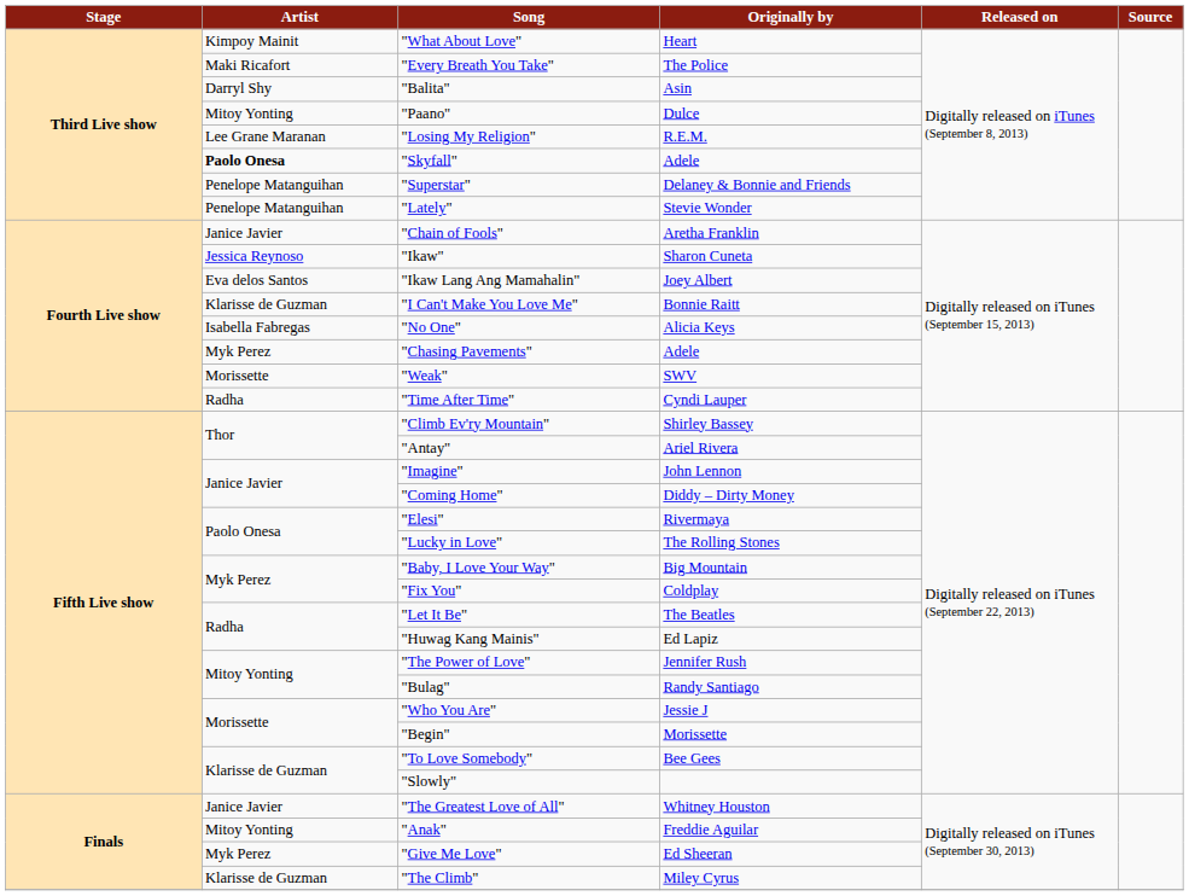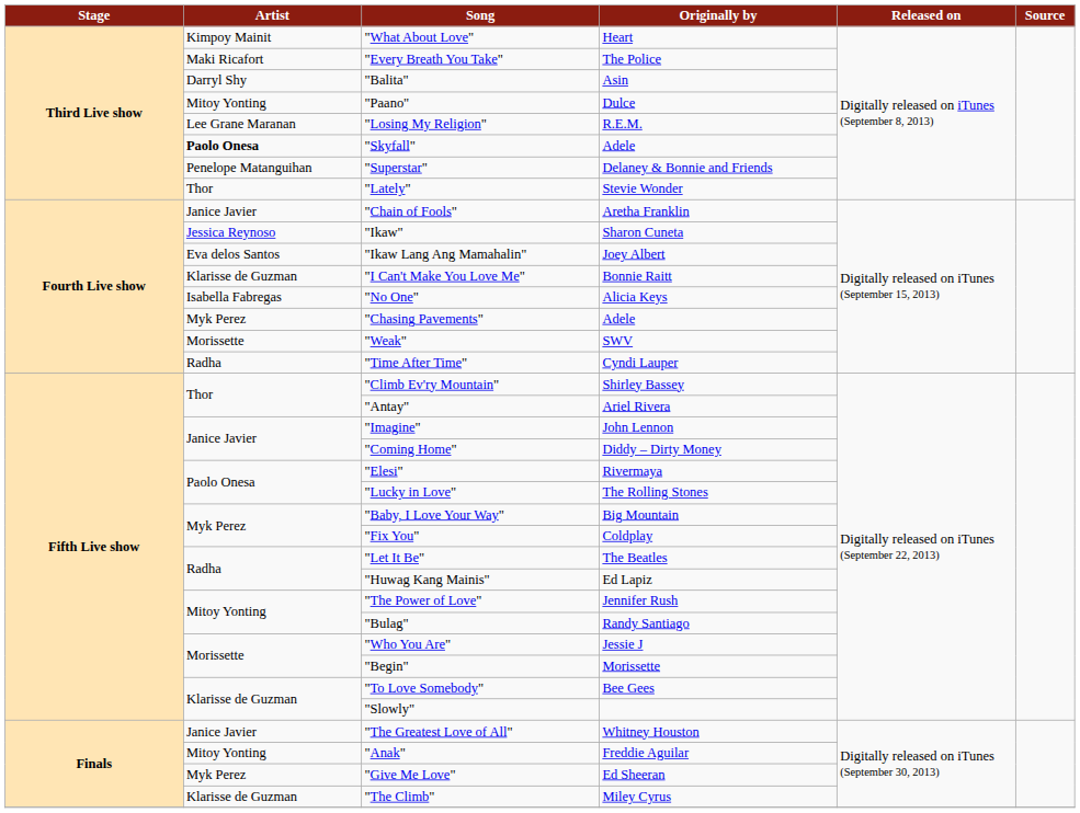 <table class="wikitable">
 <tr>
 <th style="background:#8b1c10; color:white;" width="15%">Stage</th>
 <th style="background:#8b1c10; color:white;" width="15%">Artist</th>
 <th style="background:#8b1c10; color:white;" width="20%">Song</th>
 <th style="background:#8b1c10; color:white;" width="20%">Originally by</th>
 <th style="background:#8b1c10; color:white;" width="15%">Released on</th>
 <th style="background:#8b1c10; color:white;" width="05%">Source</th>
 </tr>
 <tr>
 <th style="background:#FFE5B4;" rowspan="8">Third Live show</th>
 <td>Kimpoy Mainit</td>
 <td>"<a href='#'>What About Love</a>"</td>
 <td><a href='#'>Heart</a></td>
 <td rowspan="8">Digitally released on <a href='#'>iTunes</a><br><small>(September 8, 2013)</small></td>
 <td rowspan="8"></td>
 </tr>
 <tr>
 <td>Maki Ricafort</td>
 <td>"<a href='#'>Every Breath You Take</a>"</td>
 <td><a href='#'>The Police</a></td>
 </tr>
 <tr>
 <td>Darryl Shy</td>
 <td>"Balita"</td>
 <td><a href='#'>Asin</a></td>
 </tr>
 <tr>
 <td>Mitoy Yonting</td>
 <td>"Paano"</td>
 <td><a href='#'>Dulce</a></td>
 </tr>
 <tr>
 <td>Lee Grane Maranan</td>
 <td>"<a href='#'>Losing My Religion</a>"</td>
 <td><a href='#'>R.E.M.</a></td>
 </tr>
 <tr>
 <td><strong>Paolo Onesa</strong></td>
 <td>"<a href='#'>Skyfall</a>"</td>
 <td><a href='#'>Adele</a></td>
 </tr>
 <tr>
 <td>Penelope Matanguihan</td>
 <td>"<a href='#'>Superstar</a>"</td>
 <td><a href='#'>Delaney & Bonnie and Friends</a></td>
 </tr>
 <tr>
-<td>Penelope Matanguihan</td>
+<td>Thor</td>
 <td>"<a href='#'>Lately</a>"</td>
 <td><a href='#'>Stevie Wonder</a></td>
 </tr>
 <tr>
 <th style="background:#FFE5B4;" rowspan="8">Fourth Live show</th>
 <td>Janice Javier</td>
 <td>"<a href='#'>Chain of Fools</a>"</td>
 <td><a href='#'>Aretha Franklin</a></td>
 <td rowspan="8">Digitally released on iTunes<br><small>(September 15, 2013)</small></td>
 <td rowspan="8"></td>
 </tr>
 <tr>
 <td><a href='#'>Jessica Reynoso</a></td>
 <td>"Ikaw"</td>
 <td><a href='#'>Sharon Cuneta</a></td>
 </tr>
 <tr>
 <td>Eva delos Santos</td>
 <td>"Ikaw Lang Ang Mamahalin"</td>
 <td><a href='#'>Joey Albert</a></td>
 </tr>
 <tr>
 <td>Klarisse de Guzman</td>
 <td>"<a href='#'>I Can't Make You Love Me</a>"</td>
 <td><a href='#'>Bonnie Raitt</a></td>
 </tr>
 <tr>
 <td>Isabella Fabregas</td>
 <td>"<a href='#'>No One</a>"</td>
 <td><a href='#'>Alicia Keys</a></td>
 </tr>
 <tr>
 <td>Myk Perez</td>
 <td>"<a href='#'>Chasing Pavements</a>"</td>
 <td><a href='#'>Adele</a></td>
 </tr>
 <tr>
 <td>Morissette</td>
 <td>"<a href='#'>Weak</a>"</td>
 <td><a href='#'>SWV</a></td>
 </tr>
 <tr>
 <td>Radha</td>
 <td>"<a href='#'>Time After Time</a>"</td>
 <td><a href='#'>Cyndi Lauper</a></td>
 </tr>
 <tr>
 <th style="background:#FFE5B4;" rowspan="16">Fifth Live show</th>
 <td rowspan="2">Thor</td>
 <td>"<a href='#'>Climb Ev'ry Mountain</a>"</td>
 <td><a href='#'>Shirley Bassey</a></td>
 <td rowspan="16">Digitally released on iTunes<br><small>(September 22, 2013)</small></td>
 <td rowspan="16"></td>
 </tr>
 <tr>
 <td>"Antay"</td>
 <td><a href='#'>Ariel Rivera</a></td>
 </tr>
 <tr>
 <td rowspan="2">Janice Javier</td>
 <td>"<a href='#'>Imagine</a>"</td>
 <td><a href='#'>John Lennon</a></td>
 </tr>
 <tr>
 <td>"<a href='#'>Coming Home</a>"</td>
 <td><a href='#'>Diddy – Dirty Money</a></td>
 </tr>
 <tr>
 <td rowspan="2">Paolo Onesa</td>
 <td>"<a href='#'>Elesi</a>"</td>
 <td><a href='#'>Rivermaya</a></td>
 </tr>
 <tr>
 <td>"<a href='#'>Lucky in Love</a>"</td>
 <td><a href='#'>The Rolling Stones</a></td>
 </tr>
 <tr>
 <td rowspan="2">Myk Perez</td>
 <td>"<a href='#'>Baby, I Love Your Way</a>"</td>
 <td><a href='#'>Big Mountain</a></td>
 </tr>
 <tr>
 <td>"<a href='#'>Fix You</a>"</td>
 <td><a href='#'>Coldplay</a></td>
 </tr>
 <tr>
 <td rowspan="2">Radha</td>
 <td>"<a href='#'>Let It Be</a>"</td>
 <td><a href='#'>The Beatles</a></td>
 </tr>
 <tr>
 <td>"Huwag Kang Mainis"</td>
 <td>Ed Lapiz</td>
 </tr>
 <tr>
 <td rowspan="2">Mitoy Yonting</td>
 <td>"<a href='#'>The Power of Love</a>"</td>
 <td><a href='#'>Jennifer Rush</a></td>
 </tr>
 <tr>
 <td>"Bulag"</td>
 <td><a href='#'>Randy Santiago</a></td>
 </tr>
 <tr>
 <td rowspan="2">Morissette</td>
 <td>"<a href='#'>Who You Are</a>"</td>
 <td><a href='#'>Jessie J</a></td>
 </tr>
 <tr>
 <td>"Begin"</td>
 <td><a href='#'>Morissette</a></td>
 </tr>
 <tr>
 <td rowspan="2">Klarisse de Guzman</td>
 <td>"<a href='#'>To Love Somebody</a>"</td>
 <td><a href='#'>Bee Gees</a></td>
 </tr>
 <tr>
 <td>"Slowly"</td>
 <td></td>
 </tr>
 <tr>
 <th style="background:#FFE5B4;" rowspan="4">Finals</th>
 <td>Janice Javier</td>
 <td>"<a href='#'>The Greatest Love of All</a>"</td>
 <td><a href='#'>Whitney Houston</a></td>
 <td rowspan="4">Digitally released on iTunes<br><small>(September 30, 2013)</small></td>
 <td rowspan="4"></td>
 </tr>
 <tr>
 <td>Mitoy Yonting</td>
 <td>"<a href='#'>Anak</a>"</td>
 <td><a href='#'>Freddie Aguilar</a></td>
 </tr>
 <tr>
 <td>Myk Perez</td>
 <td>"<a href='#'>Give Me Love</a>"</td>
 <td><a href='#'>Ed Sheeran</a></td>
 </tr>
 <tr>
 <td>Klarisse de Guzman</td>
 <td>"<a href='#'>The Climb</a>"</td>
 <td><a href='#'>Miley Cyrus</a></td>
 </tr>
 <tr>
 </tr>
 </table>
